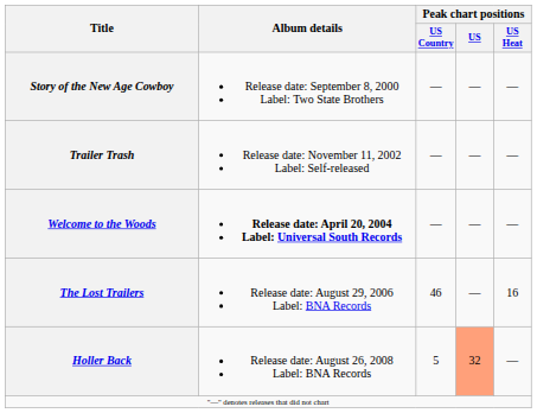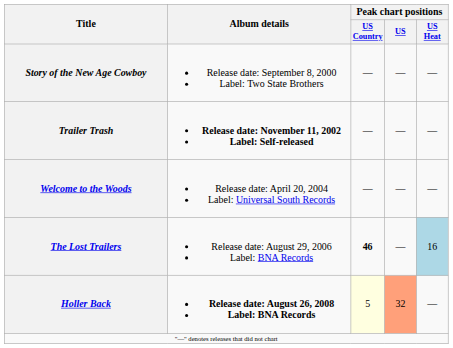 <table class="wikitable plainrowheaders" style="text-align:center;">
 <tr>
 <th rowspan="2" style="width:16em;">Title</th>
 <th rowspan="2" style="width:18em;">Album details</th>
 <th colspan="3">Peak chart positions</th>
 </tr>
 <tr style="font-size:smaller;">
 <th style="width:45px;"><a href='#'>US Country</a></th>
 <th style="width:45px;"><a href='#'>US</a></th>
 <th style="width:45px;"><a href='#'>US Heat</a></th>
 </tr>
 <tr>
 <th scope="row"><em>Story of the New Age Cowboy</em></th>
 <td><br><ul><li>Release date: September 8, 2000</li><li>Label: Two State Brothers</li></ul></td>
 <td>—</td>
 <td>—</td>
 <td>—</td>
 </tr>
 <tr>
 <th scope="row"><em>Trailer Trash</em></th>
-<td><br><ul><li>Release date: November 11, 2002</li><li>Label: Self-released</li></ul></td>
+<td><strong><br><ul><li>Release date: November 11, 2002</li><li>Label: Self-released</li></ul></strong></td>
 <td>—</td>
 <td>—</td>
 <td>—</td>
 </tr>
 <tr>
 <th scope="row"><em><a href='#'>Welcome to the Woods</a></em></th>
-<td><strong><br><ul><li>Release date: April 20, 2004</li><li>Label: <a href='#'>Universal South Records</a></li></ul></strong></td>
+<td><br><ul><li>Release date: April 20, 2004</li><li>Label: <a href='#'>Universal South Records</a></li></ul></td>
 <td>—</td>
 <td>—</td>
 <td>—</td>
 </tr>
 <tr>
 <th scope="row"><em><a href='#'>The Lost Trailers</a></em></th>
 <td><br><ul><li>Release date: August 29, 2006</li><li>Label: <a href='#'>BNA Records</a></li></ul></td>
-<td>46</td>
+<td><strong>46</strong></td>
 <td>—</td>
-<td>16</td>
+<td style="background: lightblue;">16</td>
 </tr>
 <tr>
 <th scope="row"><em><a href='#'>Holler Back</a></em></th>
-<td><br><ul><li>Release date: August 26, 2008</li><li>Label: BNA Records</li></ul></td>
-<td>5</td>
+<td><strong><br><ul><li>Release date: August 26, 2008</li><li>Label: BNA Records</li></ul></strong></td>
+<td style="background: lightyellow;">5</td>
 <td style="background: lightsalmon;">32</td>
 <td>—</td>
 </tr>
 <tr>
 <td colspan="5" style="font-size:8pt">"—" denotes releases that did not chart</td>
 </tr>
 </table>
